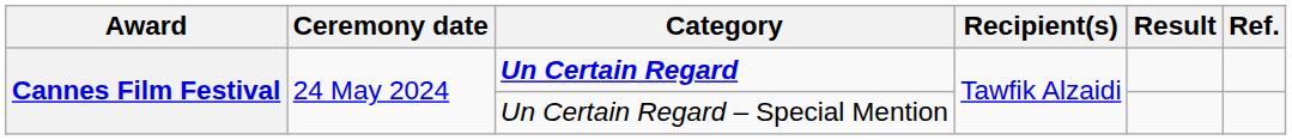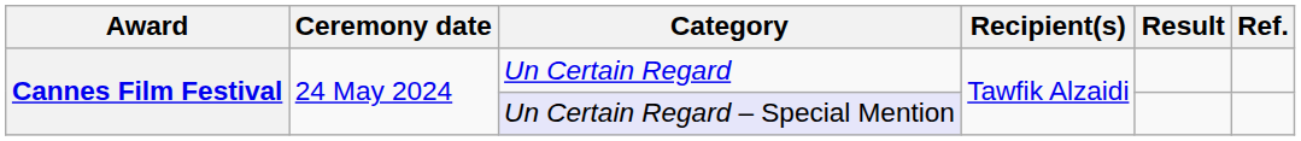 <table class="wikitable sortable plainrowheaders">
 <tr>
 <th scope="col">Award</th>
 <th scope="col">Ceremony date</th>
 <th scope="col">Category</th>
 <th scope="col">Recipient(s)</th>
 <th scope="col">Result</th>
 <th scope="col">Ref.</th>
 </tr>
 <tr>
 <th rowspan="2" scope="row"><a href='#'>Cannes Film Festival</a></th>
 <td rowspan="2"><a href='#'>24 May 2024</a></td>
-<td><strong><em><a href='#'>Un Certain Regard</a></em></strong></td>
+<td><em><a href='#'>Un Certain Regard</a></em></td>
 <td rowspan="2"><a href='#'>Tawfik Alzaidi</a></td>
 <td></td>
 <td align="center"></td>
 </tr>
 <tr>
-<td><em>Un Certain Regard</em> – Special Mention</td>
+<td style="background: lavender;"><em>Un Certain Regard</em> – Special Mention</td>
 <td></td>
 <td align="center"></td>
 </tr>
 </table>
